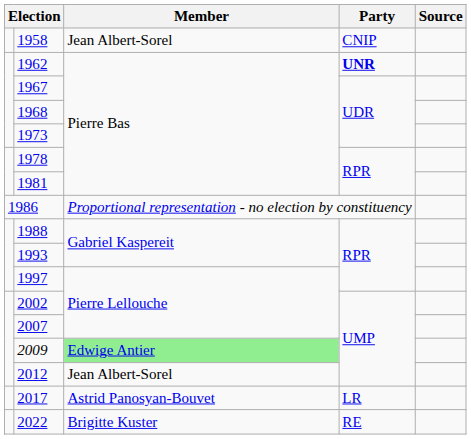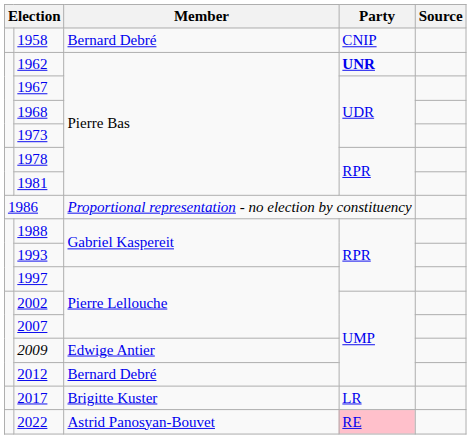 <table class="wikitable">
 <tr>
 <th colspan="2">Election</th>
 <th>Member</th>
 <th>Party</th>
 <th>Source</th>
 </tr>
 <tr>
 <td style="color:inherit;background-color: "></td>
 <td><a href='#'>1958</a></td>
-<td>Jean Albert-Sorel</td>
+<td><a href='#'>Bernard Debré</a></td>
 <td><a href='#'>CNIP</a></td>
 <td></td>
 </tr>
 <tr>
 <td rowspan="4" style="color:inherit;background-color: "></td>
 <td><a href='#'>1962</a></td>
 <td rowspan="6">Pierre Bas</td>
 <td><strong><a href='#'>UNR</a></strong></td>
 <td></td>
 </tr>
 <tr>
 <td><a href='#'>1967</a></td>
 <td rowspan="3"><a href='#'>UDR</a></td>
 <td></td>
 </tr>
 <tr>
 <td><a href='#'>1968</a></td>
 <td></td>
 </tr>
 <tr>
 <td><a href='#'>1973</a></td>
 <td></td>
 </tr>
 <tr>
 <td rowspan="2" style="color:inherit;background-color: "></td>
 <td><a href='#'>1978</a></td>
 <td rowspan="2"><a href='#'>RPR</a></td>
 <td></td>
 </tr>
 <tr>
 <td><a href='#'>1981</a></td>
 <td></td>
 </tr>
 <tr>
 <td colspan="2"><a href='#'>1986</a></td>
 <td colspan="2"><em><a href='#'>Proportional representation</a> - no election by constituency</em></td>
 <td></td>
 </tr>
 <tr>
 <td rowspan="3" style="color:inherit;background-color: "></td>
 <td><a href='#'>1988</a></td>
 <td rowspan="2"><a href='#'>Gabriel Kaspereit</a></td>
 <td rowspan="3"><a href='#'>RPR</a></td>
 <td></td>
 </tr>
 <tr>
 <td><a href='#'>1993</a></td>
 <td></td>
 </tr>
 <tr>
 <td><a href='#'>1997</a></td>
 <td rowspan="3"><a href='#'>Pierre Lellouche</a></td>
 <td></td>
 </tr>
 <tr>
 <td rowspan="4" style="color:inherit;background-color: "></td>
 <td><a href='#'>2002</a></td>
 <td rowspan="4"><a href='#'>UMP</a></td>
 <td></td>
 </tr>
 <tr>
 <td><a href='#'>2007</a></td>
 <td></td>
 </tr>
 <tr>
 <td><em>2009</em></td>
-<td style="background: lightgreen;"><a href='#'>Edwige Antier</a></td>
+<td><a href='#'>Edwige Antier</a></td>
 <td></td>
 </tr>
 <tr>
 <td><a href='#'>2012</a></td>
-<td>Jean Albert-Sorel</td>
+<td><a href='#'>Bernard Debré</a></td>
 <td></td>
 </tr>
 <tr>
 <td style="color:inherit;background:"></td>
 <td><a href='#'>2017</a></td>
-<td><a href='#'>Astrid Panosyan-Bouvet</a></td>
+<td><a href='#'>Brigitte Kuster</a></td>
 <td><a href='#'>LR</a></td>
 <td></td>
 </tr>
 <tr>
 <td style="color:inherit;background:"></td>
 <td><a href='#'>2022</a></td>
-<td><a href='#'>Brigitte Kuster</a></td>
-<td><a href='#'>RE</a></td>
+<td><a href='#'>Astrid Panosyan-Bouvet</a></td>
+<td style="background: pink;"><a href='#'>RE</a></td>
 <td></td>
 </tr>
 </table>
